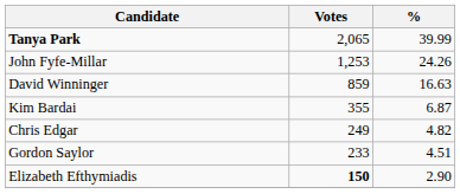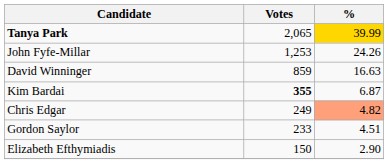 <table style="width:500px;" class="wikitable">
 <tr>
 <th align="center">Candidate</th>
 <th align="center">Votes</th>
 <th align="center">%</th>
 </tr>
 <tr>
 <td align="left"><strong>Tanya Park</strong></td>
 <td align="right">2,065</td>
-<td align="right">39.99</td>
+<td align="right" style="background: gold;">39.99</td>
 </tr>
 <tr>
 <td align="left">John Fyfe-Millar</td>
 <td align="right">1,253</td>
 <td align="right">24.26</td>
 </tr>
 <tr>
 <td align="left">David Winninger</td>
 <td align="right">859</td>
 <td align="right">16.63</td>
 </tr>
 <tr>
 <td align="left">Kim Bardai</td>
-<td align="right">355</td>
+<td align="right"><strong>355</strong></td>
 <td align="right">6.87</td>
 </tr>
 <tr>
 <td align="left">Chris Edgar</td>
 <td align="right">249</td>
-<td align="right">4.82</td>
+<td align="right" style="background: lightsalmon;">4.82</td>
 </tr>
 <tr>
 <td align="left">Gordon Saylor</td>
 <td align="right">233</td>
 <td align="right">4.51</td>
 </tr>
 <tr>
 <td align="left">Elizabeth Efthymiadis</td>
-<td align="right"><strong>150</strong></td>
+<td align="right">150</td>
 <td align="right">2.90</td>
 </tr>
 <tr>
 </tr>
 </table>
